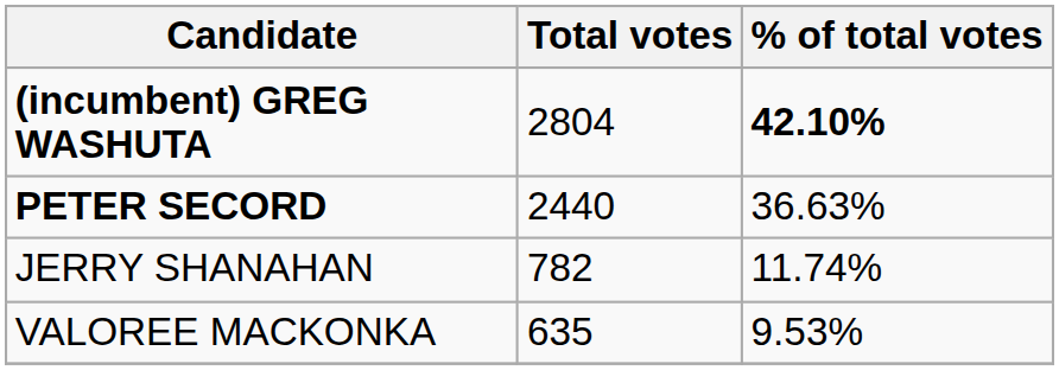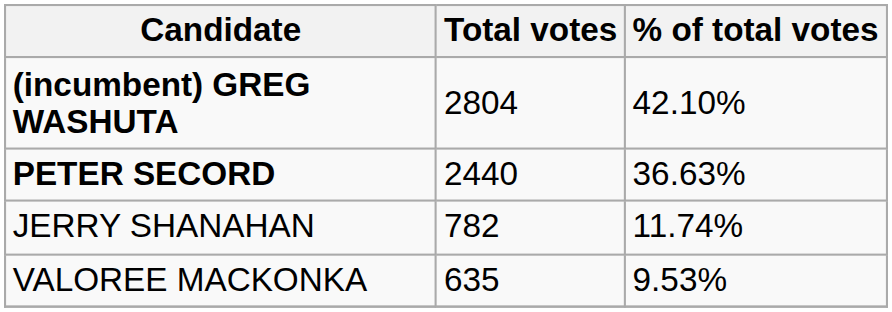 <table class="wikitable">
 <tr>
 <th bgcolor="#DDDDFF" width="200px">Candidate</th>
 <th bgcolor="#DDDDFF">Total votes</th>
 <th bgcolor="#DDDDFF">% of total votes</th>
 </tr>
 <tr>
 <td><strong>(incumbent) GREG WASHUTA</strong></td>
 <td>2804</td>
-<td><strong>42.10%</strong></td>
+<td>42.10%</td>
 </tr>
 <tr>
 <td><strong>PETER SECORD</strong></td>
 <td>2440</td>
 <td>36.63%</td>
 </tr>
 <tr>
 <td>JERRY SHANAHAN</td>
 <td>782</td>
 <td>11.74%</td>
 </tr>
 <tr>
 <td>VALOREE MACKONKA</td>
 <td>635</td>
 <td>9.53%</td>
 </tr>
 <tr>
 </tr>
 </table>
